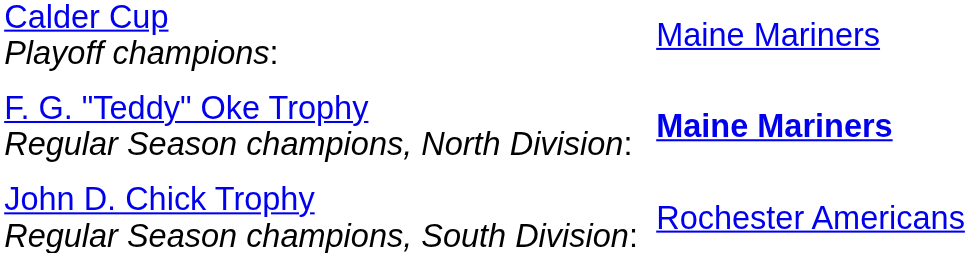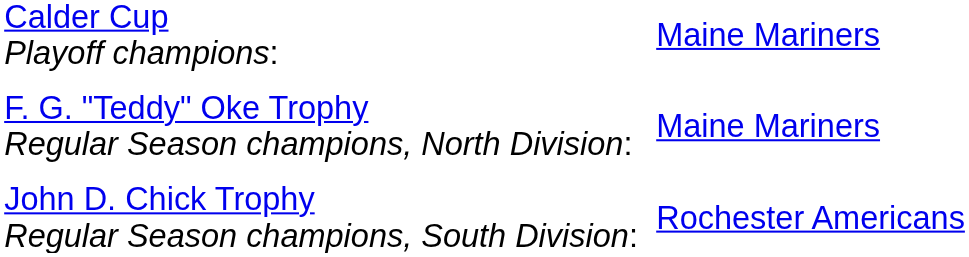 <table cellpadding="3" cellspacing="3">
 <tr>
 <td><a href='#'>Calder Cup</a><br><em>Playoff champions</em>:</td>
 <td><a href='#'>Maine Mariners</a></td>
 </tr>
 <tr>
 <td><a href='#'>F. G. "Teddy" Oke Trophy</a><br><em>Regular Season champions, North Division</em>:</td>
-<td><strong><a href='#'>Maine Mariners</a></strong></td>
+<td><a href='#'>Maine Mariners</a></td>
 </tr>
 <tr>
 <td><a href='#'>John D. Chick Trophy</a><br><em>Regular Season champions, South Division</em>:</td>
 <td><a href='#'>Rochester Americans</a></td>
 </tr>
 </table>
